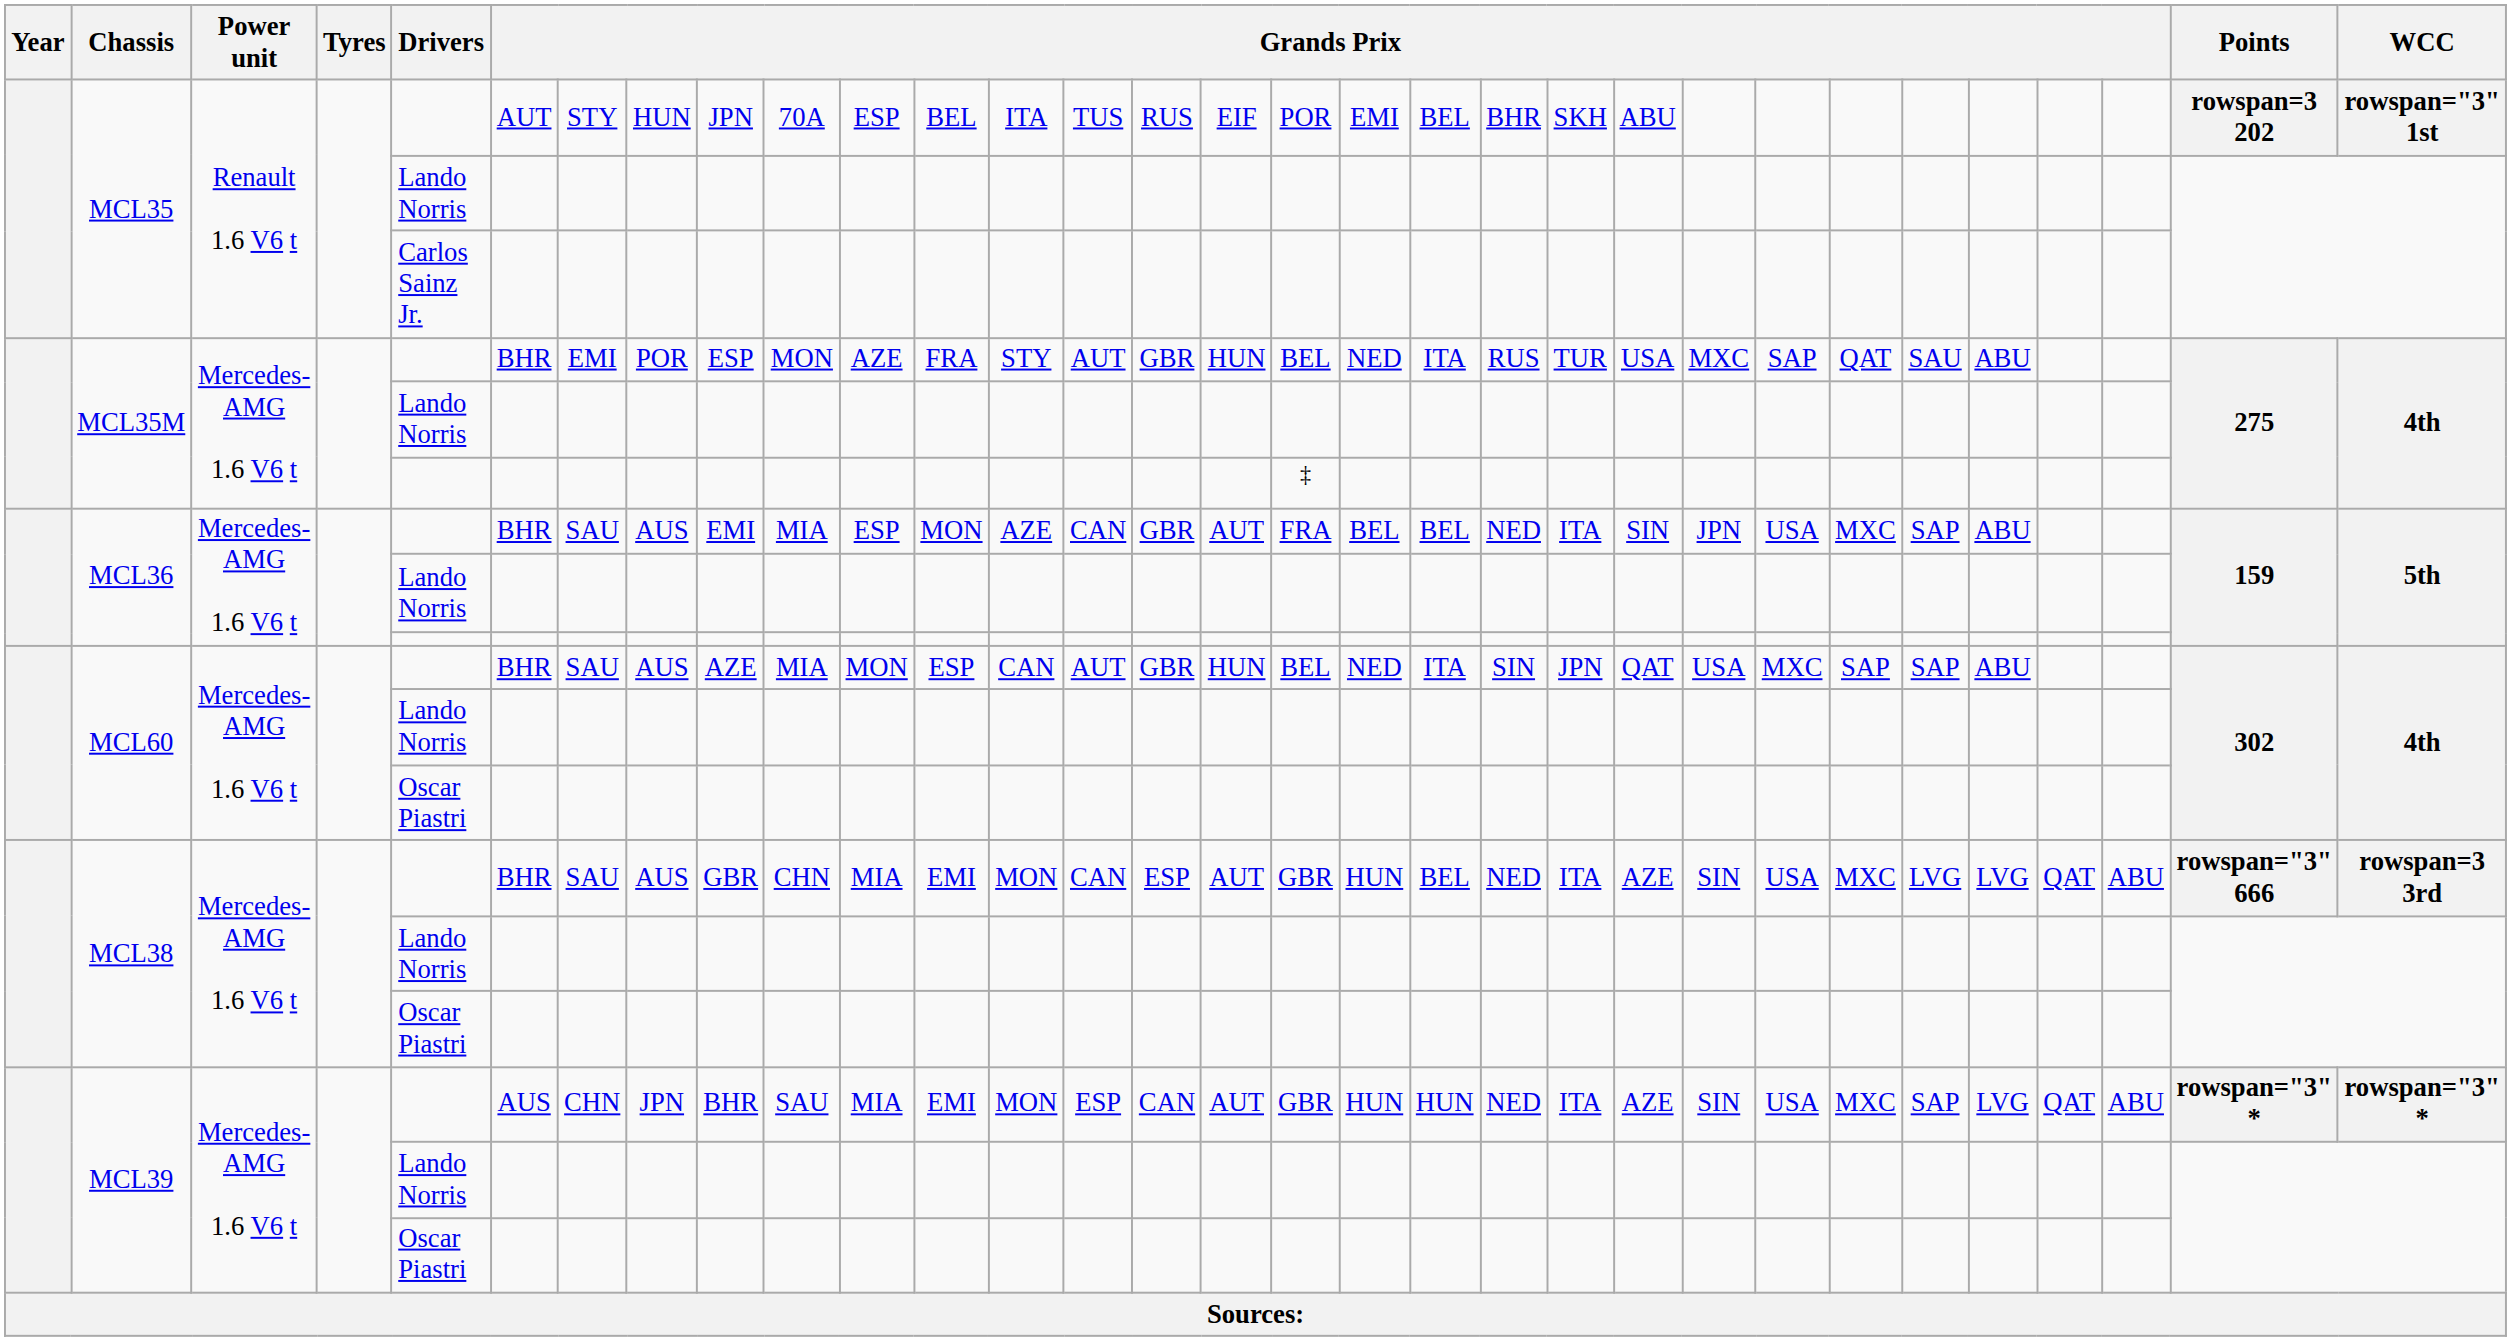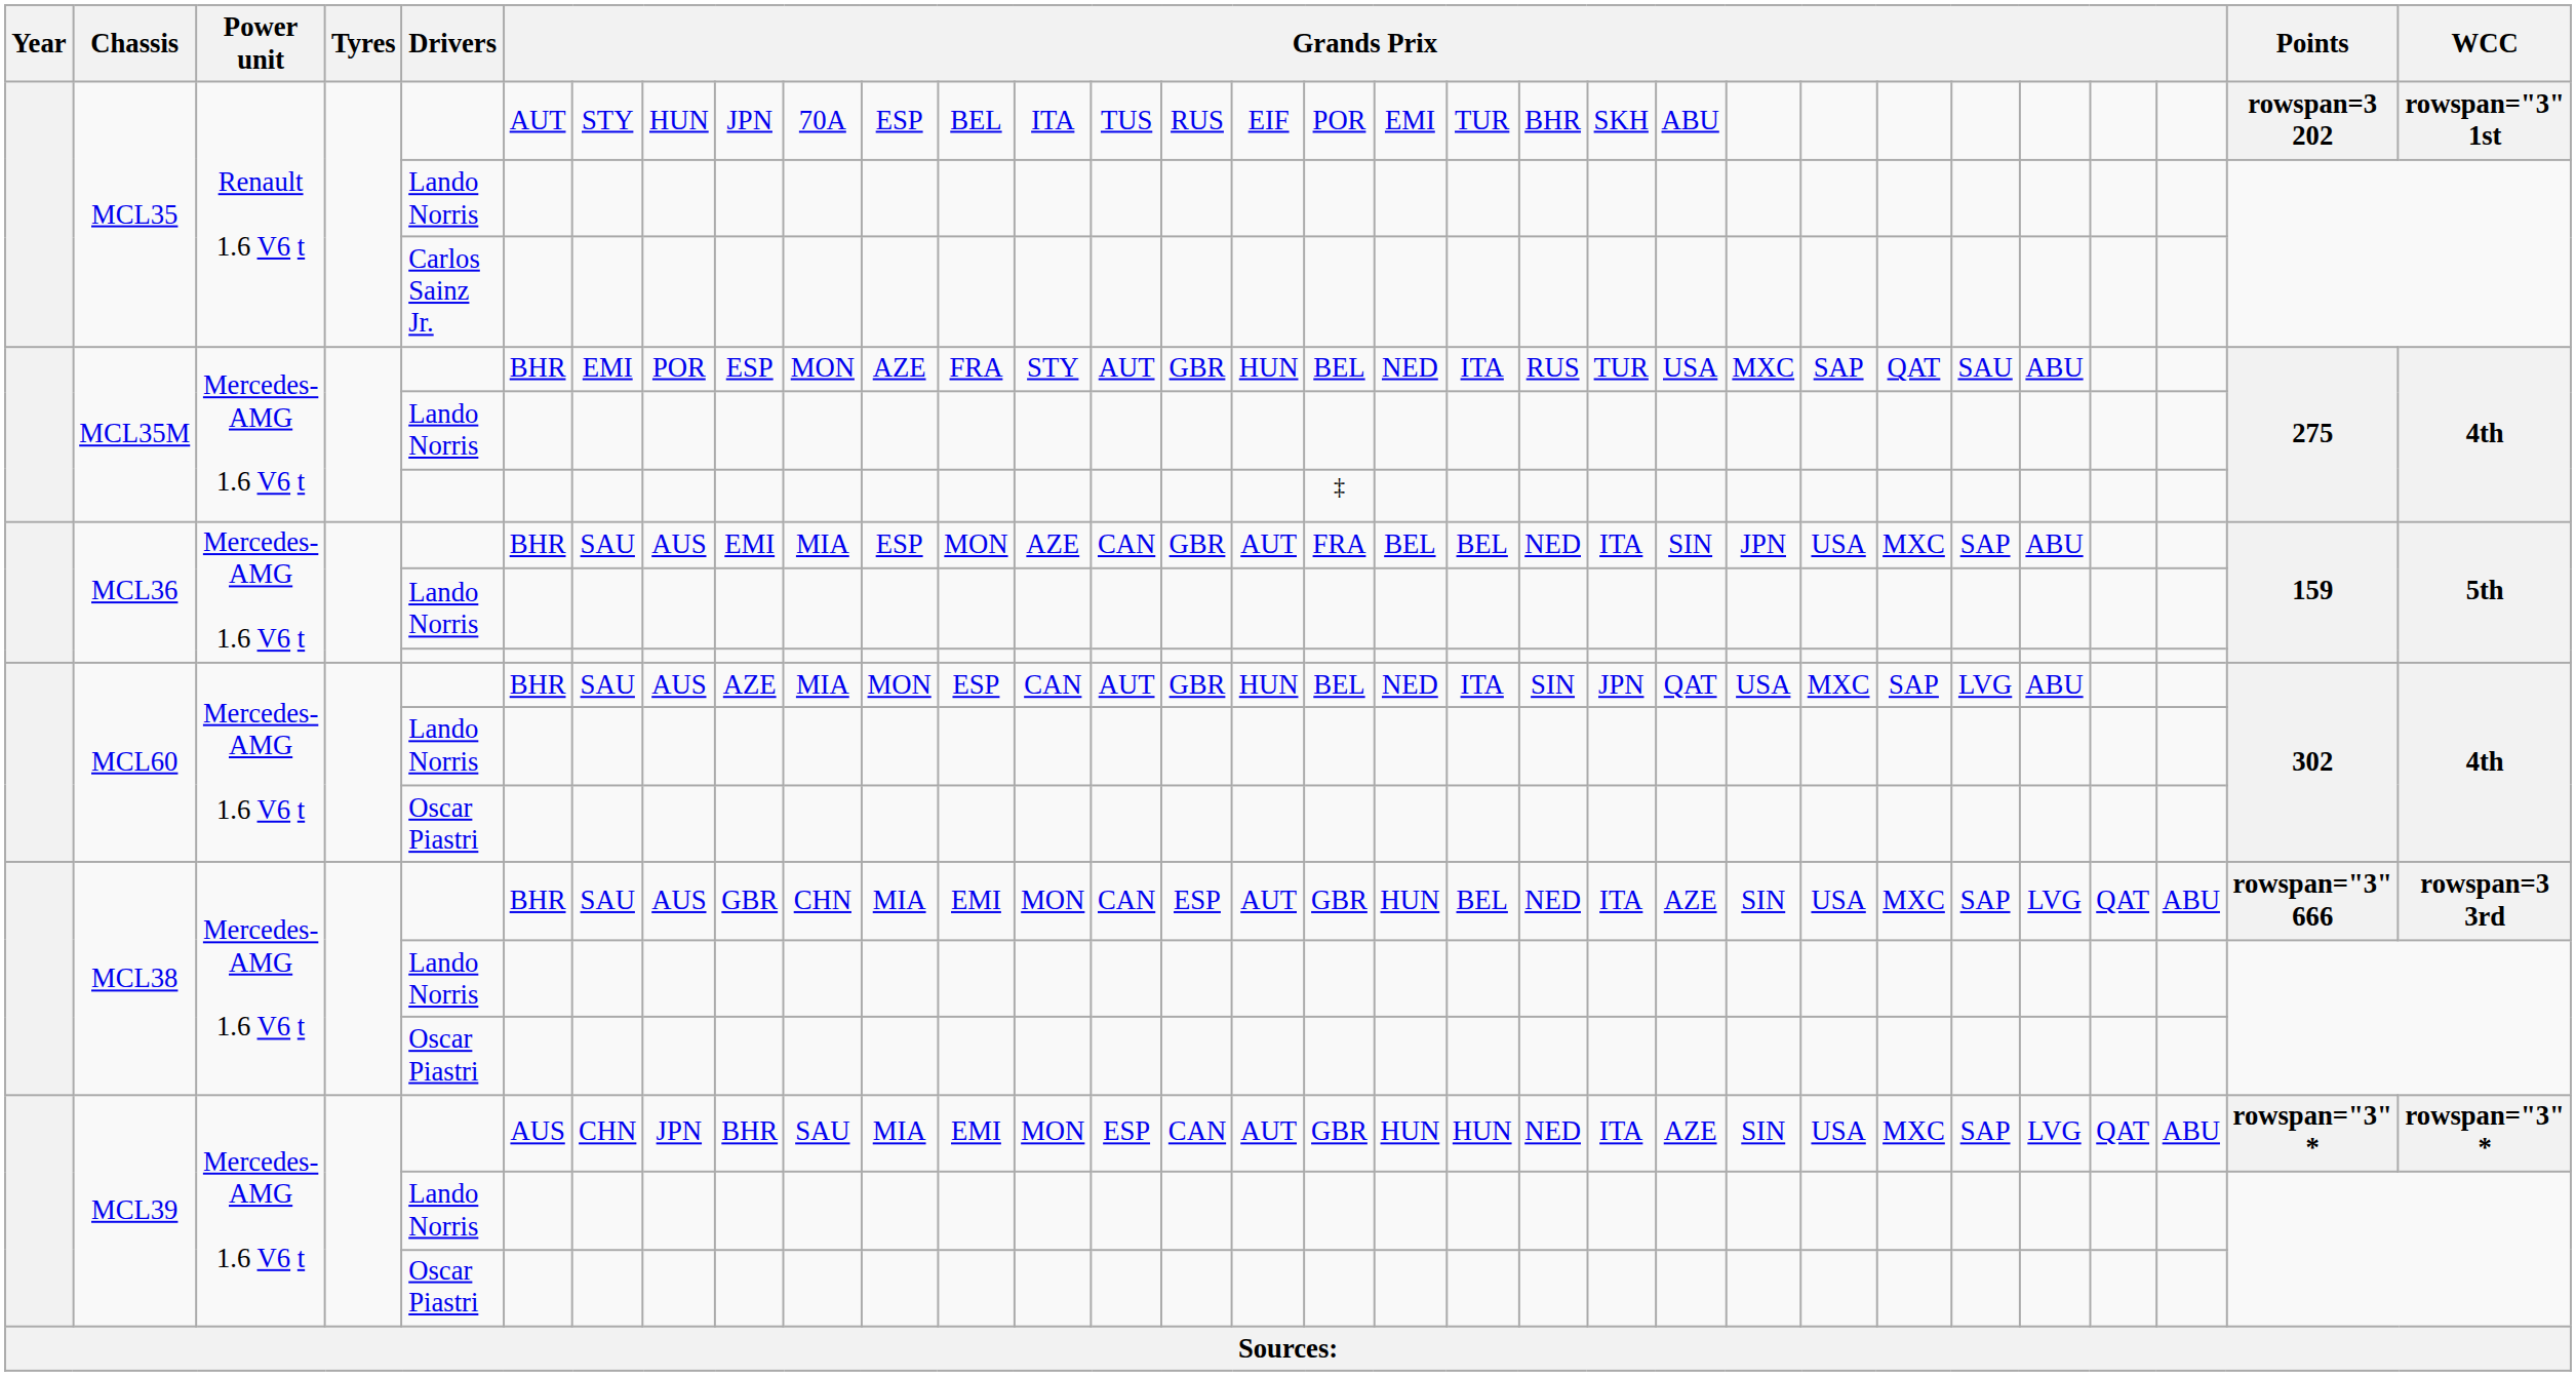 <table class="wikitable" style="text-align:center; font-size:85%">
 <tr>
 <th>Year</th>
 <th>Chassis</th>
 <th>Power unit</th>
 <th>Tyres</th>
 <th>Drivers</th>
 <th colspan=24>Grands Prix</th>
 <th>Points</th>
 <th>WCC</th>
 </tr>
 <tr>
 <th rowspan=3></th>
 <td rowspan=3><a href='#'>MCL35</a></td>
 <td rowspan=3><a href='#'>Renault</a><br><br>1.6 <a href='#'>V6</a> <a href='#'>t</a></td>
 <td rowspan=3></td>
 <td></td>
 <td><a href='#'>AUT</a></td>
 <td><a href='#'>STY</a></td>
 <td><a href='#'>HUN</a></td>
 <td><a href='#'>JPN</a></td>
 <td><a href='#'>70A</a></td>
 <td><a href='#'>ESP</a></td>
 <td><a href='#'>BEL</a></td>
 <td><a href='#'>ITA</a></td>
 <td><a href='#'>TUS</a></td>
 <td><a href='#'>RUS</a></td>
 <td><a href='#'>EIF</a></td>
 <td><a href='#'>POR</a></td>
 <td><a href='#'>EMI</a></td>
-<td><a href='#'>BEL</a></td>
+<td><a href='#'>TUR</a></td>
 <td><a href='#'>BHR</a></td>
 <td><a href='#'>SKH</a></td>
 <td><a href='#'>ABU</a></td>
 <td></td>
 <td></td>
 <td></td>
 <td></td>
 <td></td>
 <td></td>
 <td></td>
 <th>rowspan=3  202</th>
 <th>rowspan="3"  1st</th>
 </tr>
 <tr>
 <td align=left> <a href='#'>Lando Norris</a></td>
 <td></td>
 <td></td>
 <td></td>
 <td></td>
 <td></td>
 <td></td>
 <td></td>
 <td></td>
 <td></td>
 <td></td>
 <td></td>
 <td></td>
 <td></td>
 <td></td>
 <td></td>
 <td></td>
 <td></td>
 <td></td>
 <td></td>
 <td></td>
 <td></td>
 <td></td>
 <td></td>
 <td></td>
 </tr>
 <tr>
 <td align=left> <a href='#'>Carlos Sainz Jr.</a></td>
 <td></td>
 <td></td>
 <td></td>
 <td></td>
 <td></td>
 <td></td>
 <td></td>
 <td></td>
 <td></td>
 <td></td>
 <td></td>
 <td></td>
 <td></td>
 <td></td>
 <td></td>
 <td></td>
 <td></td>
 <td></td>
 <td></td>
 <td></td>
 <td></td>
 <td></td>
 <td></td>
 <td></td>
 </tr>
 <tr>
 <th rowspan=3></th>
 <td rowspan=3><a href='#'>MCL35M</a></td>
 <td rowspan=3><a href='#'>Mercedes-AMG</a><br><br>1.6 <a href='#'>V6</a> <a href='#'>t</a></td>
 <td rowspan=3></td>
 <td></td>
 <td><a href='#'>BHR</a></td>
 <td><a href='#'>EMI</a></td>
 <td><a href='#'>POR</a></td>
 <td><a href='#'>ESP</a></td>
 <td><a href='#'>MON</a></td>
 <td><a href='#'>AZE</a></td>
 <td><a href='#'>FRA</a></td>
 <td><a href='#'>STY</a></td>
 <td><a href='#'>AUT</a></td>
 <td><a href='#'>GBR</a></td>
 <td><a href='#'>HUN</a></td>
 <td><a href='#'>BEL</a></td>
 <td><a href='#'>NED</a></td>
 <td><a href='#'>ITA</a></td>
 <td><a href='#'>RUS</a></td>
 <td><a href='#'>TUR</a></td>
 <td><a href='#'>USA</a></td>
 <td><a href='#'>MXC</a></td>
 <td><a href='#'>SAP</a></td>
 <td><a href='#'>QAT</a></td>
 <td><a href='#'>SAU</a></td>
 <td><a href='#'>ABU</a></td>
 <td></td>
 <td></td>
 <th rowspan=3>275</th>
 <th rowspan=3>4th</th>
 </tr>
 <tr>
 <td align="left"> <a href='#'>Lando Norris</a></td>
 <td></td>
 <td></td>
 <td></td>
 <td></td>
 <td></td>
 <td></td>
 <td></td>
 <td></td>
 <td></td>
 <td></td>
 <td></td>
 <td></td>
 <td></td>
 <td></td>
 <td></td>
 <td></td>
 <td></td>
 <td></td>
 <td></td>
 <td></td>
 <td></td>
 <td></td>
 <td></td>
 <td></td>
 </tr>
 <tr>
 <td align=left></td>
 <td></td>
 <td></td>
 <td></td>
 <td></td>
 <td></td>
 <td></td>
 <td></td>
 <td></td>
 <td></td>
 <td></td>
 <td></td>
 <td><sup>‡</sup></td>
 <td></td>
 <td></td>
 <td></td>
 <td></td>
 <td></td>
 <td></td>
 <td></td>
 <td></td>
 <td></td>
 <td></td>
 <td></td>
 <td></td>
 </tr>
 <tr>
 <th rowspan=3></th>
 <td rowspan=3><a href='#'>MCL36</a></td>
 <td rowspan=3><a href='#'>Mercedes-AMG</a><br><br>1.6 <a href='#'>V6</a> <a href='#'>t</a></td>
 <td rowspan=3></td>
 <td></td>
 <td><a href='#'>BHR</a></td>
 <td><a href='#'>SAU</a></td>
 <td><a href='#'>AUS</a></td>
 <td><a href='#'>EMI</a></td>
 <td><a href='#'>MIA</a></td>
 <td><a href='#'>ESP</a></td>
 <td><a href='#'>MON</a></td>
 <td><a href='#'>AZE</a></td>
 <td><a href='#'>CAN</a></td>
 <td><a href='#'>GBR</a></td>
 <td><a href='#'>AUT</a></td>
 <td><a href='#'>FRA</a></td>
 <td><a href='#'>BEL</a></td>
 <td><a href='#'>BEL</a></td>
 <td><a href='#'>NED</a></td>
 <td><a href='#'>ITA</a></td>
 <td><a href='#'>SIN</a></td>
 <td><a href='#'>JPN</a></td>
 <td><a href='#'>USA</a></td>
 <td><a href='#'>MXC</a></td>
 <td><a href='#'>SAP</a></td>
 <td><a href='#'>ABU</a></td>
 <td></td>
 <td></td>
 <th rowspan="3">159</th>
 <th rowspan="3">5th</th>
 </tr>
 <tr>
 <td align="left"> <a href='#'>Lando Norris</a></td>
 <td></td>
 <td></td>
 <td></td>
 <td></td>
 <td></td>
 <td></td>
 <td></td>
 <td></td>
 <td></td>
 <td></td>
 <td></td>
 <td></td>
 <td></td>
 <td></td>
 <td></td>
 <td></td>
 <td></td>
 <td></td>
 <td></td>
 <td></td>
 <td></td>
 <td></td>
 <td></td>
 <td></td>
 </tr>
 <tr>
 <td align=left></td>
 <td></td>
 <td></td>
 <td></td>
 <td></td>
 <td></td>
 <td></td>
 <td></td>
 <td></td>
 <td></td>
 <td></td>
 <td></td>
 <td></td>
 <td></td>
 <td></td>
 <td></td>
 <td></td>
 <td></td>
 <td></td>
 <td></td>
 <td></td>
 <td></td>
 <td></td>
 <td></td>
 <td></td>
 </tr>
 <tr>
 <th rowspan="3"></th>
 <td rowspan="3"><a href='#'>MCL60</a></td>
 <td rowspan="3"><a href='#'>Mercedes-AMG</a><br><br>1.6 <a href='#'>V6</a> <a href='#'>t</a></td>
 <td rowspan="3"></td>
 <td></td>
 <td><a href='#'>BHR</a></td>
 <td><a href='#'>SAU</a></td>
 <td><a href='#'>AUS</a></td>
 <td><a href='#'>AZE</a></td>
 <td><a href='#'>MIA</a></td>
 <td><a href='#'>MON</a></td>
 <td><a href='#'>ESP</a></td>
 <td><a href='#'>CAN</a></td>
 <td><a href='#'>AUT</a></td>
 <td><a href='#'>GBR</a></td>
 <td><a href='#'>HUN</a></td>
 <td><a href='#'>BEL</a></td>
 <td><a href='#'>NED</a></td>
 <td><a href='#'>ITA</a></td>
 <td><a href='#'>SIN</a></td>
 <td><a href='#'>JPN</a></td>
 <td><a href='#'>QAT</a></td>
 <td><a href='#'>USA</a></td>
 <td><a href='#'>MXC</a></td>
 <td><a href='#'>SAP</a></td>
-<td><a href='#'>SAP</a></td>
+<td><a href='#'>LVG</a></td>
 <td><a href='#'>ABU</a></td>
 <td></td>
 <td></td>
 <th rowspan="3">302</th>
 <th rowspan="3">4th</th>
 </tr>
 <tr>
 <td align="left"> <a href='#'>Lando Norris</a></td>
 <td></td>
 <td></td>
 <td></td>
 <td></td>
 <td></td>
 <td></td>
 <td></td>
 <td></td>
 <td></td>
 <td></td>
 <td></td>
 <td></td>
 <td></td>
 <td></td>
 <td></td>
 <td></td>
 <td></td>
 <td></td>
 <td></td>
 <td></td>
 <td></td>
 <td></td>
 <td></td>
 <td></td>
 </tr>
 <tr>
 <td align=left> <a href='#'>Oscar Piastri</a></td>
 <td></td>
 <td></td>
 <td></td>
 <td></td>
 <td></td>
 <td></td>
 <td></td>
 <td></td>
 <td></td>
 <td></td>
 <td></td>
 <td></td>
 <td></td>
 <td></td>
 <td></td>
 <td></td>
 <td></td>
 <td></td>
 <td></td>
 <td></td>
 <td></td>
 <td></td>
 <td></td>
 <td></td>
 </tr>
 <tr>
 <th rowspan="3"></th>
 <td rowspan="3"><a href='#'>MCL38</a></td>
 <td rowspan="3"><a href='#'>Mercedes-AMG</a><br><br>1.6 <a href='#'>V6</a> <a href='#'>t</a></td>
 <td rowspan="3"></td>
 <td></td>
 <td><a href='#'>BHR</a></td>
 <td><a href='#'>SAU</a></td>
 <td><a href='#'>AUS</a></td>
 <td><a href='#'>GBR</a></td>
 <td><a href='#'>CHN</a></td>
 <td><a href='#'>MIA</a></td>
 <td><a href='#'>EMI</a></td>
 <td><a href='#'>MON</a></td>
 <td><a href='#'>CAN</a></td>
 <td><a href='#'>ESP</a></td>
 <td><a href='#'>AUT</a></td>
 <td><a href='#'>GBR</a></td>
 <td><a href='#'>HUN</a></td>
 <td><a href='#'>BEL</a></td>
 <td><a href='#'>NED</a></td>
 <td><a href='#'>ITA</a></td>
 <td><a href='#'>AZE</a></td>
 <td><a href='#'>SIN</a></td>
 <td><a href='#'>USA</a></td>
 <td><a href='#'>MXC</a></td>
-<td><a href='#'>LVG</a></td>
+<td><a href='#'>SAP</a></td>
 <td><a href='#'>LVG</a></td>
 <td><a href='#'>QAT</a></td>
 <td><a href='#'>ABU</a></td>
 <th>rowspan="3"  666</th>
 <th>rowspan=3  3rd</th>
 </tr>
 <tr>
 <td align="left"> <a href='#'>Lando Norris</a></td>
 <td></td>
 <td></td>
 <td></td>
 <td></td>
 <td></td>
 <td></td>
 <td></td>
 <td></td>
 <td></td>
 <td></td>
 <td></td>
 <td></td>
 <td></td>
 <td></td>
 <td></td>
 <td></td>
 <td></td>
 <td></td>
 <td></td>
 <td></td>
 <td></td>
 <td></td>
 <td></td>
 <td></td>
 </tr>
 <tr>
 <td align=left> <a href='#'>Oscar Piastri</a></td>
 <td></td>
 <td></td>
 <td></td>
 <td></td>
 <td></td>
 <td></td>
 <td></td>
 <td></td>
 <td></td>
 <td></td>
 <td></td>
 <td></td>
 <td></td>
 <td></td>
 <td></td>
 <td></td>
 <td></td>
 <td></td>
 <td></td>
 <td></td>
 <td></td>
 <td></td>
 <td></td>
 <td></td>
 </tr>
 <tr>
 <th rowspan="3"></th>
 <td rowspan="3"><a href='#'>MCL39</a></td>
 <td rowspan="3"><a href='#'>Mercedes-AMG</a><br><br>1.6 <a href='#'>V6</a> <a href='#'>t</a></td>
 <td rowspan="3"></td>
 <td></td>
 <td><a href='#'>AUS</a></td>
 <td><a href='#'>CHN</a></td>
 <td><a href='#'>JPN</a></td>
 <td><a href='#'>BHR</a></td>
 <td><a href='#'>SAU</a></td>
 <td><a href='#'>MIA</a></td>
 <td><a href='#'>EMI</a></td>
 <td><a href='#'>MON</a></td>
 <td><a href='#'>ESP</a></td>
 <td><a href='#'>CAN</a></td>
 <td><a href='#'>AUT</a></td>
 <td><a href='#'>GBR</a></td>
 <td><a href='#'>HUN</a></td>
 <td><a href='#'>HUN</a></td>
 <td><a href='#'>NED</a></td>
 <td><a href='#'>ITA</a></td>
 <td><a href='#'>AZE</a></td>
 <td><a href='#'>SIN</a></td>
 <td><a href='#'>USA</a></td>
 <td><a href='#'>MXC</a></td>
 <td><a href='#'>SAP</a></td>
 <td><a href='#'>LVG</a></td>
 <td><a href='#'>QAT</a></td>
 <td><a href='#'>ABU</a></td>
 <th>rowspan="3" *</th>
 <th>rowspan="3" *</th>
 </tr>
 <tr>
 <td align=left> <a href='#'>Lando Norris</a></td>
 <td></td>
 <td></td>
 <td></td>
 <td></td>
 <td></td>
 <td></td>
 <td></td>
 <td></td>
 <td></td>
 <td></td>
 <td></td>
 <td></td>
 <td></td>
 <td></td>
 <td></td>
 <td></td>
 <td></td>
 <td></td>
 <td></td>
 <td></td>
 <td></td>
 <td></td>
 <td></td>
 <td></td>
 </tr>
 <tr>
 <td align=left> <a href='#'>Oscar Piastri</a></td>
 <td></td>
 <td></td>
 <td></td>
 <td></td>
 <td></td>
 <td></td>
 <td></td>
 <td></td>
 <td></td>
 <td></td>
 <td></td>
 <td></td>
 <td></td>
 <td></td>
 <td></td>
 <td></td>
 <td></td>
 <td></td>
 <td></td>
 <td></td>
 <td></td>
 <td></td>
 <td></td>
 <td></td>
 </tr>
 <tr>
 <th colspan="31">Sources:</th>
 </tr>
 </table>
